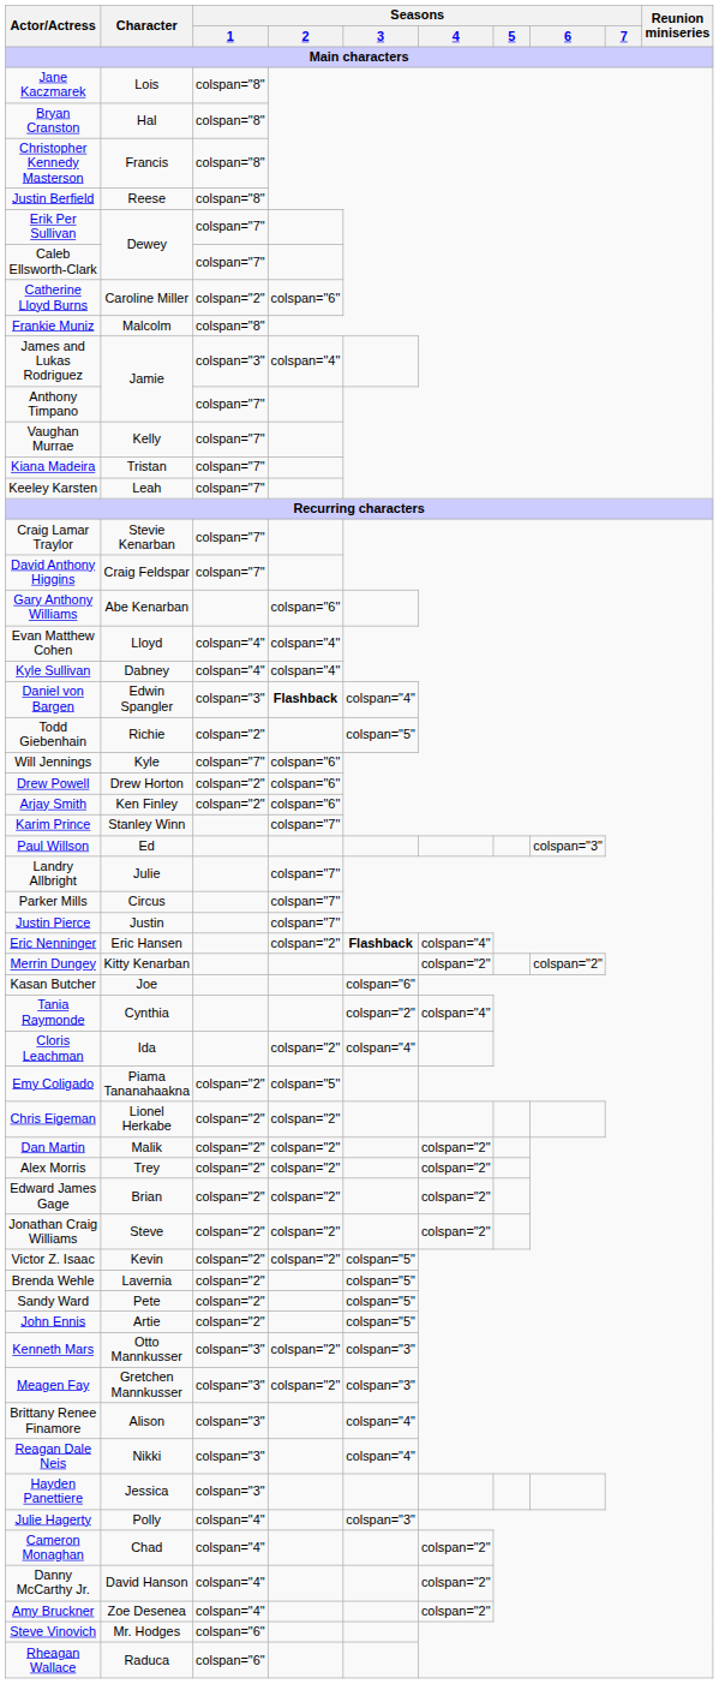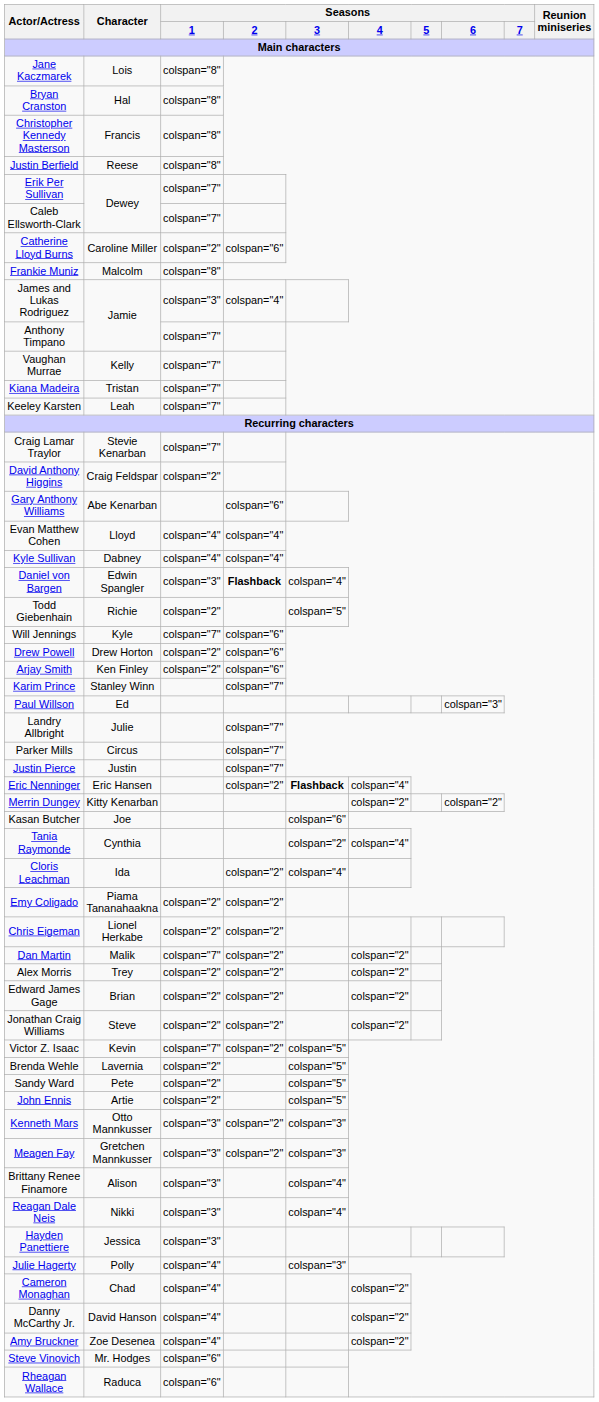 <table class="wikitable sortable plainrowheaders" style="text-align:center">
 <tr>
 <th rowspan="2" style="width:14%;" scope="col">Actor/Actress</th>
 <th rowspan="2" style="width:12%;" scope="col">Character</th>
 <th colspan="7">Seasons</th>
 <th rowspan="2" style="width:8%;" scope="col">Reunion miniseries</th>
 </tr>
 <tr>
 <th style="width:8%;" scope="col"><a href='#'>1</a></th>
 <th style="width:8%;" scope="col"><a href='#'>2</a></th>
 <th style="width:8%;" scope="col"><a href='#'>3</a></th>
 <th style="width:8%;" scope="col"><a href='#'>4</a></th>
 <th style="width:8%;" scope="col"><a href='#'>5</a></th>
 <th style="width:8%;" scope="col"><a href='#'>6</a></th>
 <th style="width:8%;" scope="col"><a href='#'>7</a></th>
 </tr>
 <tr>
 <td colspan="10" scope="row" style="background-color:#ccccff; text-align:center"><strong>Main characters</strong></td>
 </tr>
 <tr>
 <td><a href='#'>Jane Kaczmarek</a></td>
 <td>Lois</td>
 <td>colspan="8" </td>
 </tr>
 <tr>
 <td><a href='#'>Bryan Cranston</a></td>
 <td>Hal</td>
 <td>colspan="8" </td>
 </tr>
 <tr>
 <td><a href='#'>Christopher Kennedy Masterson</a></td>
 <td>Francis</td>
 <td>colspan="8" </td>
 </tr>
 <tr>
 <td><a href='#'>Justin Berfield</a></td>
 <td>Reese</td>
 <td>colspan="8" </td>
 </tr>
 <tr>
 <td><a href='#'>Erik Per Sullivan</a></td>
 <td rowspan="2">Dewey</td>
 <td>colspan="7" </td>
 <td></td>
 </tr>
 <tr>
 <td>Caleb Ellsworth-Clark</td>
 <td>colspan="7" </td>
 <td></td>
 </tr>
 <tr>
 <td><a href='#'>Catherine Lloyd Burns</a></td>
 <td>Caroline Miller</td>
 <td>colspan="2" </td>
 <td>colspan="6" </td>
 </tr>
 <tr>
 <td><a href='#'>Frankie Muniz</a></td>
 <td>Malcolm</td>
 <td>colspan="8" </td>
 </tr>
 <tr>
 <td>James and Lukas Rodriguez</td>
 <td rowspan="2">Jamie</td>
 <td>colspan="3" </td>
 <td>colspan="4" </td>
 <td></td>
 </tr>
 <tr>
 <td>Anthony Timpano</td>
 <td>colspan="7" </td>
 <td></td>
 </tr>
 <tr>
 <td>Vaughan Murrae</td>
 <td>Kelly</td>
 <td>colspan="7" </td>
 <td></td>
 </tr>
 <tr>
 <td><a href='#'>Kiana Madeira</a></td>
 <td>Tristan</td>
 <td>colspan="7" </td>
 <td></td>
 </tr>
 <tr>
 <td>Keeley Karsten</td>
 <td>Leah</td>
 <td>colspan="7" </td>
 <td></td>
 </tr>
 <tr>
 <td colspan="10" scope="row" style="background-color:#ccccff; text-align:center"><strong>Recurring characters</strong></td>
 </tr>
 <tr>
 <td>Craig Lamar Traylor</td>
 <td>Stevie Kenarban</td>
 <td>colspan="7" </td>
 <td></td>
 </tr>
 <tr>
 <td><a href='#'>David Anthony Higgins</a></td>
 <td>Craig Feldspar</td>
-<td>colspan="7" </td>
+<td>colspan="2" </td>
 <td></td>
 </tr>
 <tr>
 <td><a href='#'>Gary Anthony Williams</a></td>
 <td>Abe Kenarban</td>
 <td></td>
 <td>colspan="6" </td>
 <td></td>
 </tr>
 <tr>
 <td>Evan Matthew Cohen</td>
 <td>Lloyd</td>
 <td>colspan="4" </td>
 <td>colspan="4" </td>
 </tr>
 <tr>
 <td><a href='#'>Kyle Sullivan</a></td>
 <td>Dabney</td>
 <td>colspan="4" </td>
 <td>colspan="4" </td>
 </tr>
 <tr>
 <td><a href='#'>Daniel von Bargen</a></td>
 <td>Edwin Spangler</td>
 <td>colspan="3" </td>
 <td style="background:light yellow; text-align:center;"><strong>Flashback</strong></td>
 <td>colspan="4" </td>
 </tr>
 <tr>
 <td>Todd Giebenhain</td>
 <td>Richie</td>
 <td>colspan="2" </td>
 <td></td>
 <td>colspan="5" </td>
 </tr>
 <tr>
 <td>Will Jennings</td>
 <td>Kyle</td>
 <td>colspan="7" </td>
 <td>colspan="6" </td>
 </tr>
 <tr>
 <td><a href='#'>Drew Powell</a></td>
 <td>Drew Horton</td>
 <td>colspan="2" </td>
 <td>colspan="6" </td>
 </tr>
 <tr>
 <td><a href='#'>Arjay Smith</a></td>
 <td>Ken Finley</td>
 <td>colspan="2" </td>
 <td>colspan="6" </td>
 </tr>
 <tr>
 <td><a href='#'>Karim Prince</a></td>
 <td>Stanley Winn</td>
 <td></td>
 <td>colspan="7" </td>
 </tr>
 <tr>
 <td><a href='#'>Paul Willson</a></td>
 <td>Ed</td>
 <td></td>
 <td></td>
 <td></td>
 <td></td>
 <td></td>
 <td>colspan="3" </td>
 </tr>
 <tr>
 <td>Landry Allbright</td>
 <td>Julie</td>
 <td></td>
 <td>colspan="7" </td>
 </tr>
 <tr>
 <td>Parker Mills</td>
 <td>Circus</td>
 <td></td>
 <td>colspan="7" </td>
 </tr>
 <tr>
 <td><a href='#'>Justin Pierce</a></td>
 <td>Justin</td>
 <td></td>
 <td>colspan="7" </td>
 </tr>
 <tr>
 <td><a href='#'>Eric Nenninger</a></td>
 <td>Eric Hansen</td>
 <td></td>
 <td>colspan="2" </td>
 <td style="background:light yellow; text-align:center;"><strong>Flashback</strong></td>
 <td>colspan="4" </td>
 </tr>
 <tr>
 <td><a href='#'>Merrin Dungey</a></td>
 <td>Kitty Kenarban</td>
 <td></td>
 <td></td>
 <td></td>
 <td>colspan="2" </td>
 <td></td>
 <td>colspan="2" </td>
 </tr>
 <tr>
 <td>Kasan Butcher</td>
 <td>Joe</td>
 <td></td>
 <td></td>
 <td>colspan="6" </td>
 </tr>
 <tr>
 <td><a href='#'>Tania Raymonde</a></td>
 <td>Cynthia</td>
 <td></td>
 <td></td>
 <td>colspan="2" </td>
 <td>colspan="4" </td>
 </tr>
 <tr>
 <td><a href='#'>Cloris Leachman</a></td>
 <td>Ida</td>
 <td></td>
 <td>colspan="2" </td>
 <td>colspan="4" </td>
 <td></td>
 </tr>
 <tr>
 <td><a href='#'>Emy Coligado</a></td>
 <td>Piama Tananahaakna</td>
 <td>colspan="2" </td>
-<td>colspan="5" </td>
+<td>colspan="2" </td>
 <td></td>
 </tr>
 <tr>
 <td><a href='#'>Chris Eigeman</a></td>
 <td>Lionel Herkabe</td>
 <td>colspan="2" </td>
 <td>colspan="2" </td>
 <td></td>
 <td></td>
 <td></td>
 <td></td>
 </tr>
 <tr>
 <td><a href='#'>Dan Martin</a></td>
 <td>Malik</td>
-<td>colspan="2" </td>
+<td>colspan="7" </td>
 <td>colspan="2" </td>
 <td></td>
 <td>colspan="2" </td>
 <td></td>
 </tr>
 <tr>
 <td>Alex Morris</td>
 <td>Trey</td>
 <td>colspan="2" </td>
 <td>colspan="2" </td>
 <td></td>
 <td>colspan="2" </td>
 <td></td>
 </tr>
 <tr>
 <td>Edward James Gage</td>
 <td>Brian</td>
 <td>colspan="2" </td>
 <td>colspan="2" </td>
 <td></td>
 <td>colspan="2" </td>
 <td></td>
 </tr>
 <tr>
 <td>Jonathan Craig Williams</td>
 <td>Steve</td>
 <td>colspan="2" </td>
 <td>colspan="2" </td>
 <td></td>
 <td>colspan="2" </td>
 <td></td>
 </tr>
 <tr>
 <td>Victor Z. Isaac</td>
 <td>Kevin</td>
-<td>colspan="2" </td>
+<td>colspan="7" </td>
 <td>colspan="2" </td>
 <td>colspan="5" </td>
 </tr>
 <tr>
 <td>Brenda Wehle</td>
 <td>Lavernia</td>
 <td>colspan="2" </td>
 <td></td>
 <td>colspan="5" </td>
 </tr>
 <tr>
 <td>Sandy Ward</td>
 <td>Pete</td>
 <td>colspan="2" </td>
 <td></td>
 <td>colspan="5" </td>
 </tr>
 <tr>
 <td><a href='#'>John Ennis</a></td>
 <td>Artie</td>
 <td>colspan="2" </td>
 <td></td>
 <td>colspan="5" </td>
 </tr>
 <tr>
 <td><a href='#'>Kenneth Mars</a></td>
 <td>Otto Mannkusser</td>
 <td>colspan="3" </td>
 <td>colspan="2" </td>
 <td>colspan="3" </td>
 </tr>
 <tr>
 <td><a href='#'>Meagen Fay</a></td>
 <td>Gretchen Mannkusser</td>
 <td>colspan="3" </td>
 <td>colspan="2" </td>
 <td>colspan="3" </td>
 </tr>
 <tr>
 <td>Brittany Renee Finamore</td>
 <td>Alison</td>
 <td>colspan="3" </td>
 <td></td>
 <td>colspan="4" </td>
 </tr>
 <tr>
 <td><a href='#'>Reagan Dale Neis</a></td>
 <td>Nikki</td>
 <td>colspan="3" </td>
 <td></td>
 <td>colspan="4" </td>
 </tr>
 <tr>
 <td><a href='#'>Hayden Panettiere</a></td>
 <td>Jessica</td>
 <td>colspan="3" </td>
 <td></td>
 <td></td>
 <td></td>
 <td></td>
 <td></td>
 </tr>
 <tr>
 <td><a href='#'>Julie Hagerty</a></td>
 <td>Polly</td>
 <td>colspan="4" </td>
 <td></td>
 <td>colspan="3" </td>
 </tr>
 <tr>
 <td><a href='#'>Cameron Monaghan</a></td>
 <td>Chad</td>
 <td>colspan="4" </td>
 <td></td>
 <td></td>
 <td>colspan="2" </td>
 </tr>
 <tr>
 <td>Danny McCarthy Jr.</td>
 <td>David Hanson</td>
 <td>colspan="4" </td>
 <td></td>
 <td></td>
 <td>colspan="2" </td>
 </tr>
 <tr>
 <td><a href='#'>Amy Bruckner</a></td>
 <td>Zoe Desenea</td>
 <td>colspan="4" </td>
 <td></td>
 <td></td>
 <td>colspan="2" </td>
 </tr>
 <tr>
 <td><a href='#'>Steve Vinovich</a></td>
 <td>Mr. Hodges</td>
 <td>colspan="6" </td>
 <td></td>
 <td></td>
 </tr>
 <tr>
 <td><a href='#'>Rheagan Wallace</a></td>
 <td>Raduca</td>
 <td>colspan="6" </td>
 <td></td>
 <td></td>
 </tr>
 </table>
